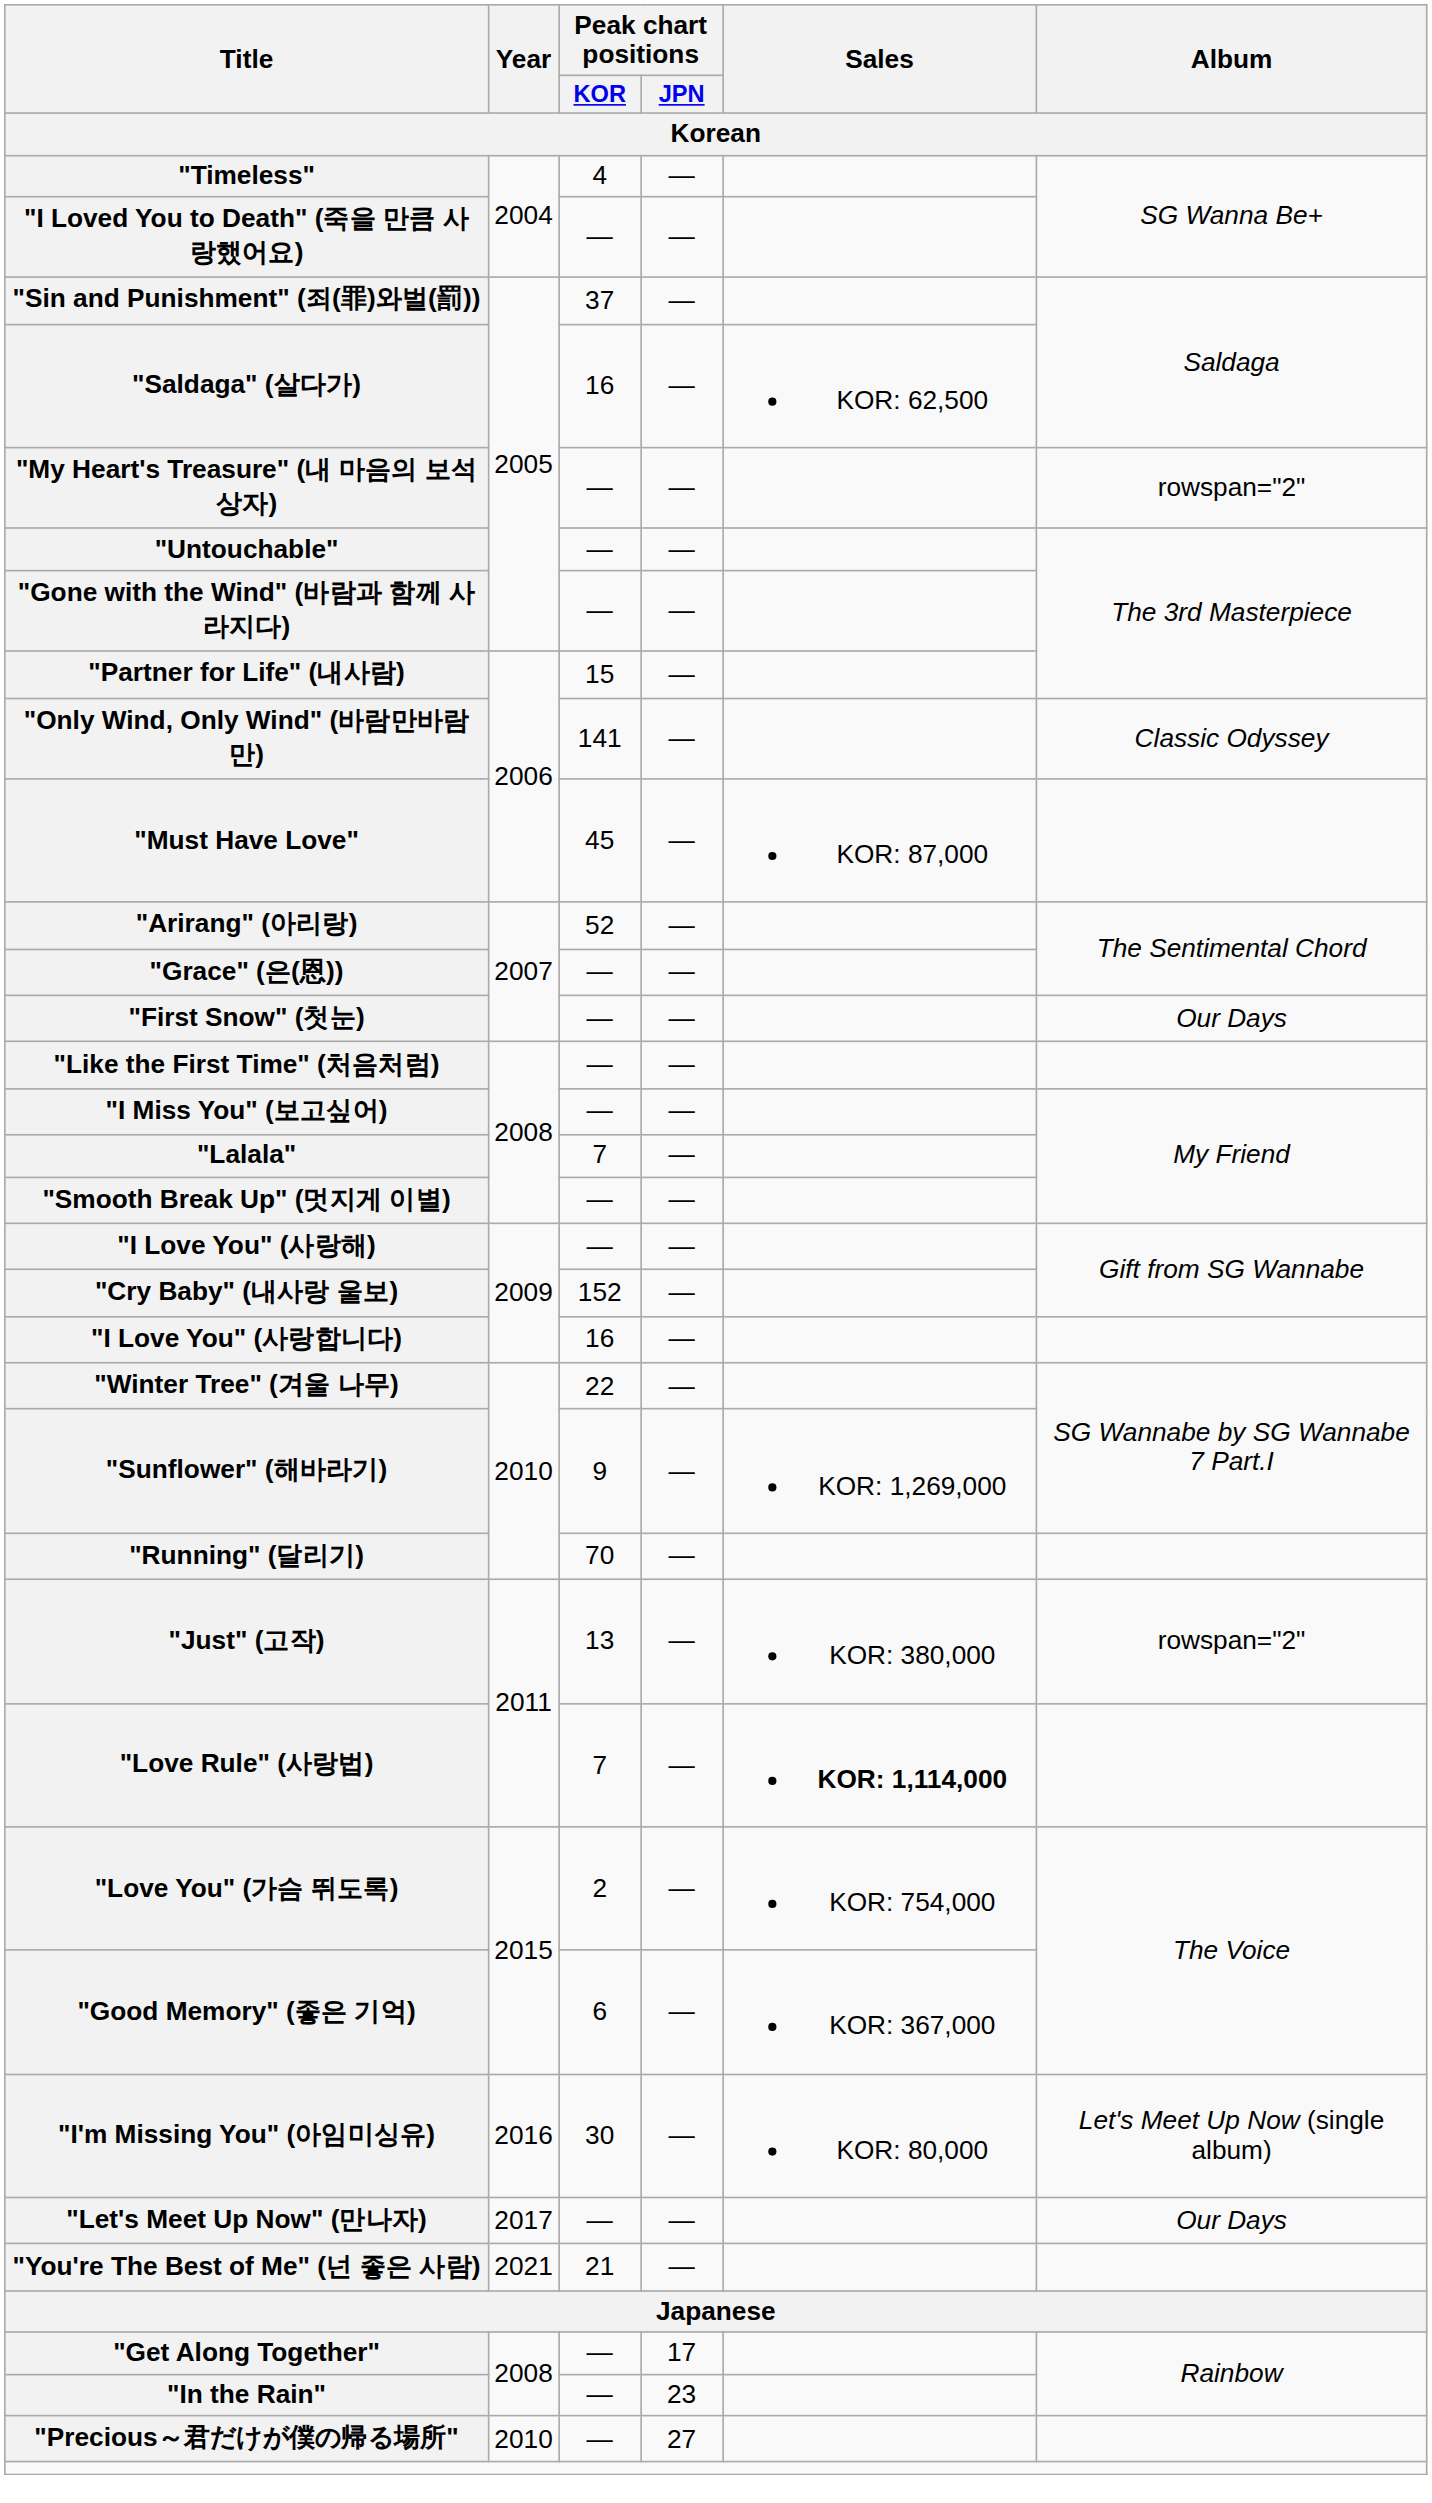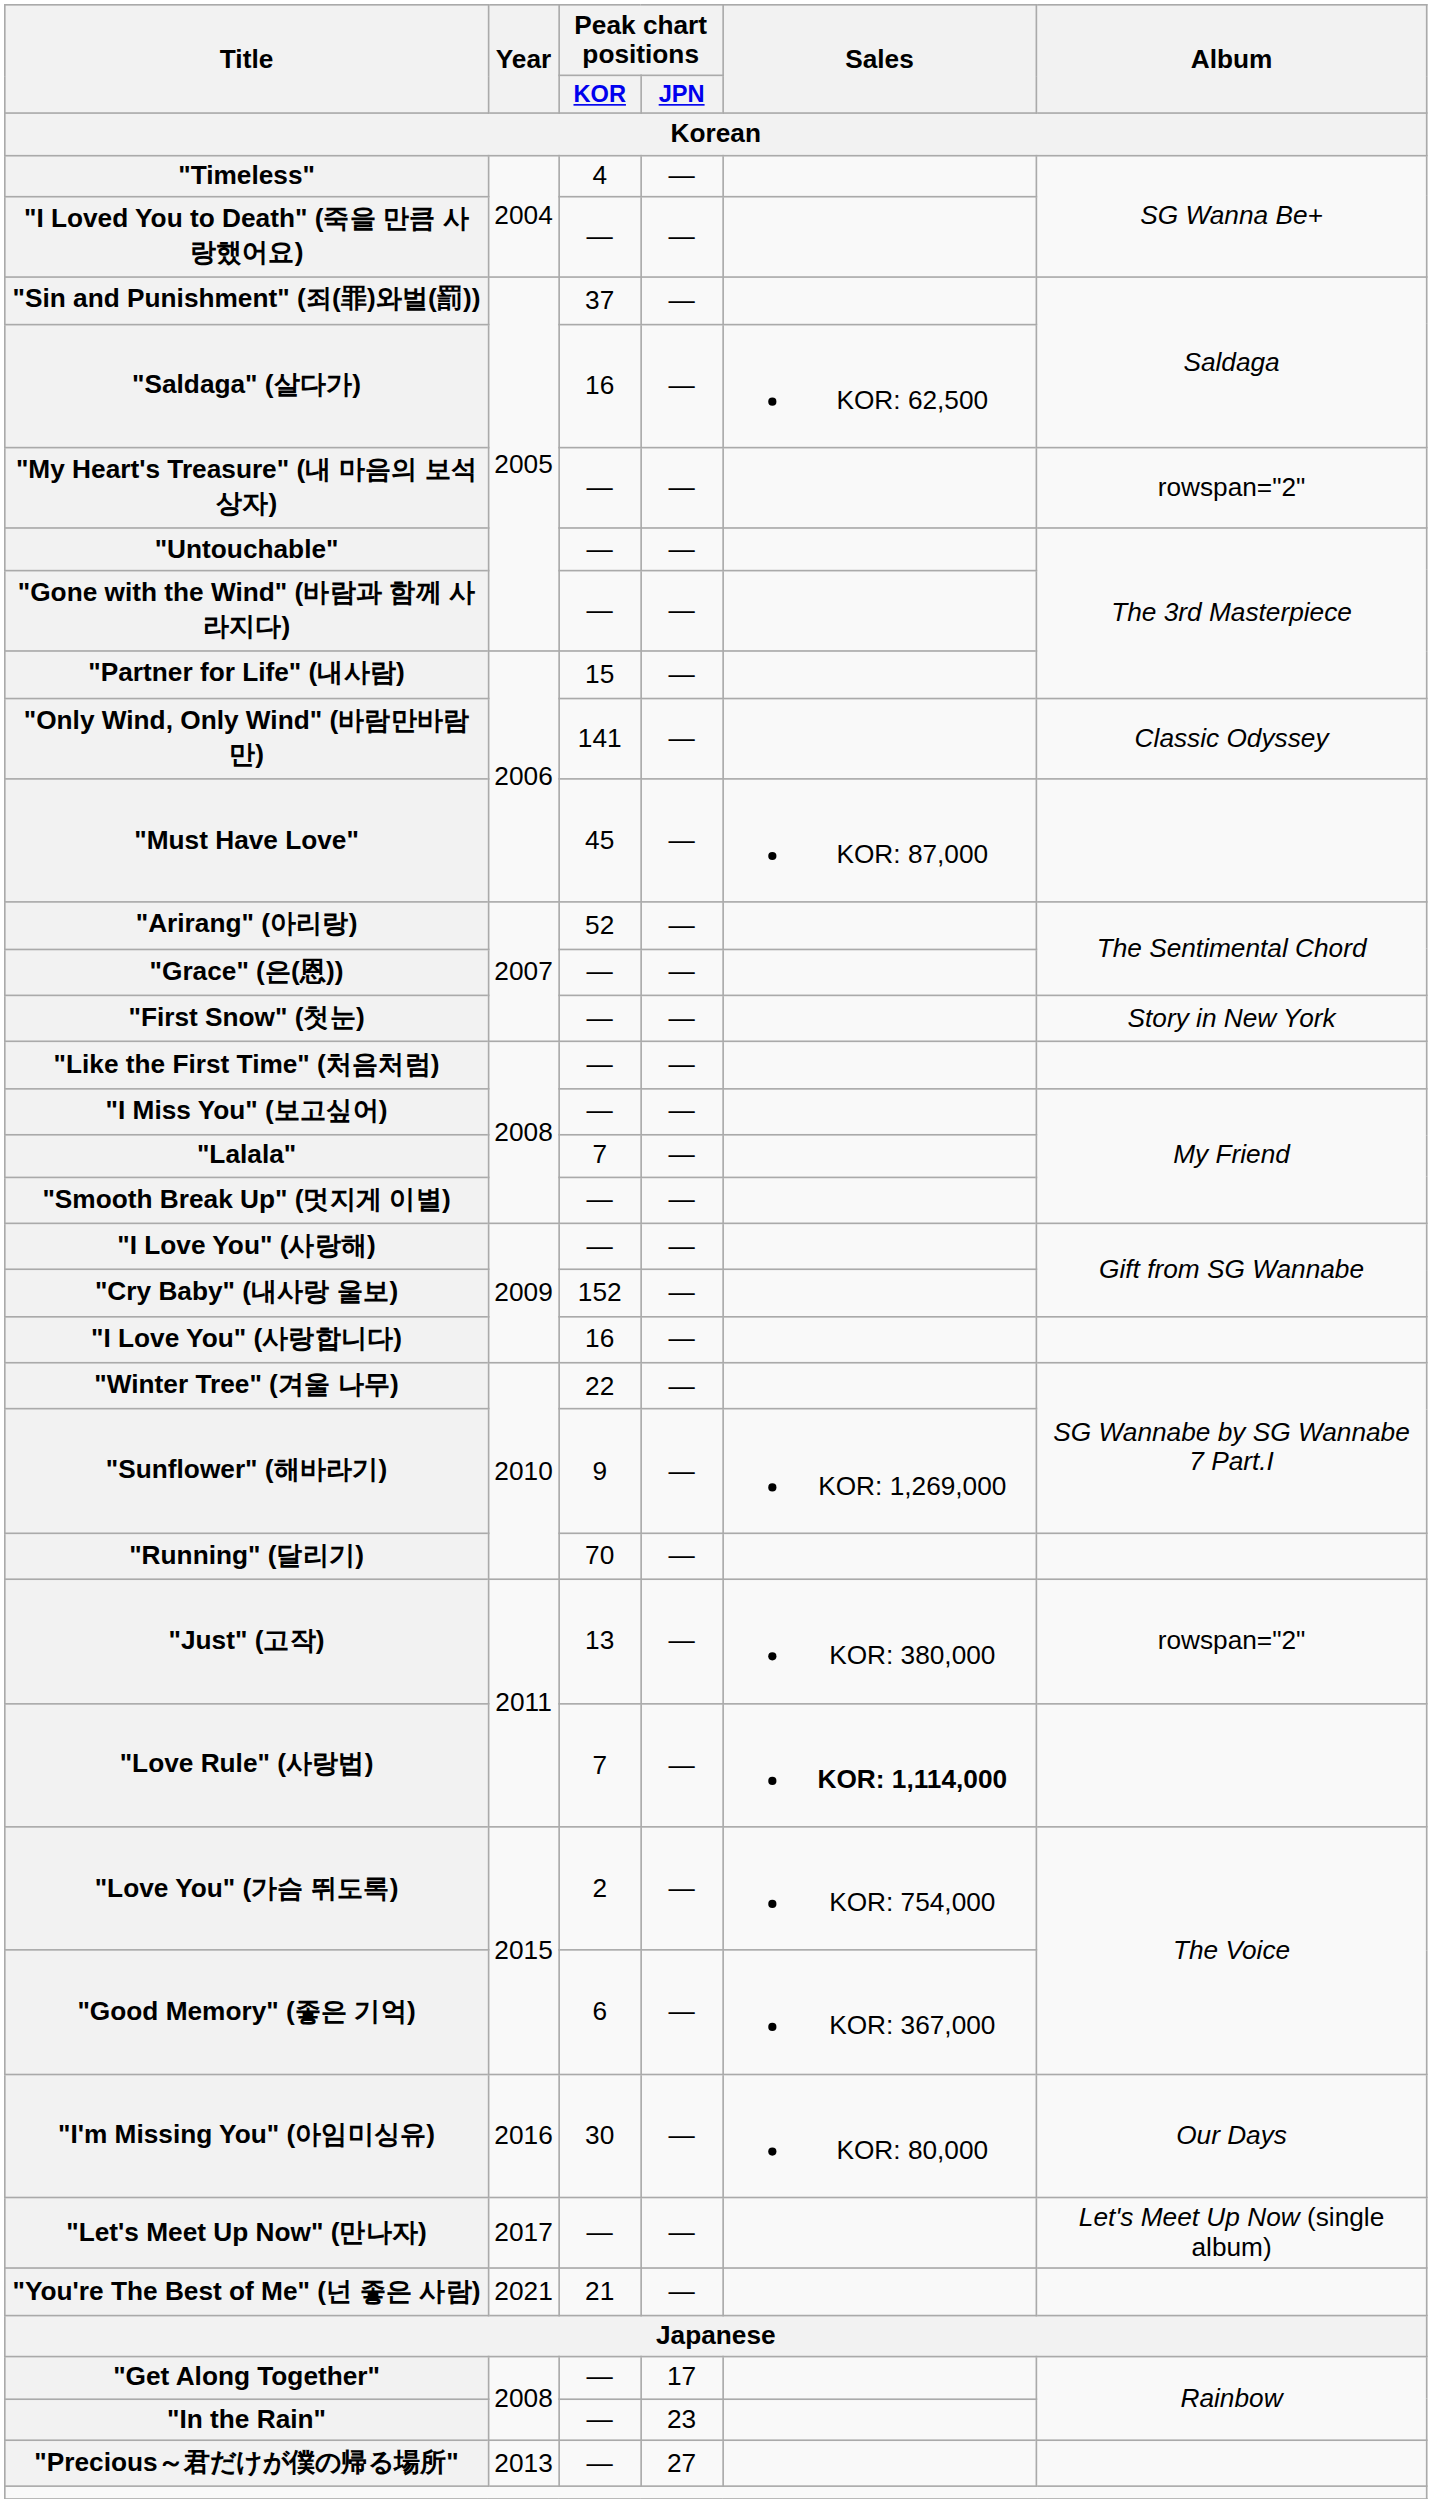 <table class="wikitable plainrowheaders" style="text-align:center;">
 <tr>
 <th scope="col" rowspan="2">Title</th>
 <th scope="col" rowspan="2">Year</th>
 <th colspan="2" scope="col">Peak chart positions</th>
 <th scope="col" rowspan="2" style="width:11.5em;">Sales</th>
 <th scope="col" rowspan="2">Album</th>
 </tr>
 <tr>
 <th scope="col" style="width:3em;font-size:90%;"><a href='#'>KOR</a><br></th>
 <th scope="col" style="width:3em;font-size:90%;"><a href='#'>JPN</a><br></th>
 </tr>
 <tr>
 <th colspan="6">Korean</th>
 </tr>
 <tr>
 <th scope="row">"Timeless"</th>
 <td rowspan="2">2004</td>
 <td>4</td>
 <td>—</td>
 <td></td>
 <td rowspan="2"><em>SG Wanna Be+</em></td>
 </tr>
 <tr>
 <th scope="row">"I Loved You to Death" (죽을 만큼 사랑했어요)</th>
 <td>—</td>
 <td>—</td>
 <td></td>
 </tr>
 <tr>
 <th scope="row">"Sin and Punishment" (죄(罪)와벌(罰))</th>
 <td rowspan="5">2005</td>
 <td>37</td>
 <td>—</td>
 <td></td>
 <td rowspan="2"><em>Saldaga</em></td>
 </tr>
 <tr>
 <th scope="row">"Saldaga" (살다가)</th>
 <td>16</td>
 <td>—</td>
 <td><br><ul><li>KOR: 62,500</li></ul></td>
 </tr>
 <tr>
 <th scope="row">"My Heart's Treasure" (내 마음의 보석상자)</th>
 <td>—</td>
 <td>—</td>
 <td></td>
 <td>rowspan="2" </td>
 </tr>
 <tr>
 <th scope="row">"Untouchable" <br> </th>
 <td>—</td>
 <td>—</td>
 <td></td>
 <td rowspan="3"><em>The 3rd Masterpiece</em></td>
 </tr>
 <tr>
 <th scope="row">"Gone with the Wind" (바람과 함께 사라지다) <br> </th>
 <td>—</td>
 <td>—</td>
 <td></td>
 </tr>
 <tr>
 <th scope="row">"Partner for Life" (내사람)</th>
 <td rowspan="3">2006</td>
 <td>15</td>
 <td>—</td>
 <td></td>
 </tr>
 <tr>
 <th scope="row">"Only Wind, Only Wind" (바람만바람만) <br> </th>
 <td>141</td>
 <td>—</td>
 <td></td>
 <td><em>Classic Odyssey</em></td>
 </tr>
 <tr>
 <th scope="row">"Must Have Love" </th>
 <td>45</td>
 <td>—</td>
 <td><br><ul><li>KOR: 87,000</li></ul></td>
 </tr>
 <tr>
 <th scope="row">"Arirang" (아리랑)</th>
 <td rowspan="3">2007</td>
 <td>52</td>
 <td>—</td>
 <td></td>
 <td rowspan="2"><em>The Sentimental Chord</em></td>
 </tr>
 <tr>
 <th scope="row">"Grace" (은(恩))</th>
 <td>—</td>
 <td>—</td>
 <td></td>
 </tr>
 <tr>
 <th scope="row">"First Snow" (첫눈)</th>
 <td>—</td>
 <td>—</td>
 <td></td>
-<td><em>Our Days</em></td>
+<td><em>Story in New York</em></td>
 </tr>
 <tr>
 <th scope="row">"Like the First Time" (처음처럼)</th>
 <td rowspan="4">2008</td>
 <td>—</td>
 <td>—</td>
 <td></td>
 <td></td>
 </tr>
 <tr>
 <th scope="row">"I Miss You" (보고싶어)</th>
 <td>—</td>
 <td>—</td>
 <td></td>
 <td rowspan="3"><em>My Friend</em></td>
 </tr>
 <tr>
 <th scope="row">"Lalala"</th>
 <td>7</td>
 <td>—</td>
 <td></td>
 </tr>
 <tr>
 <th scope="row">"Smooth Break Up" (멋지게 이별)</th>
 <td>—</td>
 <td>—</td>
 <td></td>
 </tr>
 <tr>
 <th scope="row">"I Love You" (사랑해) <br> </th>
 <td rowspan="3">2009</td>
 <td>—</td>
 <td>—</td>
 <td></td>
 <td rowspan="2"><em>Gift from SG Wannabe</em></td>
 </tr>
 <tr>
 <th scope="row">"Cry Baby" (내사랑 울보)</th>
 <td>152</td>
 <td>—</td>
 <td></td>
 </tr>
 <tr>
 <th scope="row">"I Love You" (사랑합니다) </th>
 <td>16</td>
 <td>—</td>
 <td></td>
 <td></td>
 </tr>
 <tr>
 <th scope="row">"Winter Tree" (겨울 나무)</th>
 <td rowspan="3">2010</td>
 <td>22</td>
 <td>—</td>
 <td></td>
 <td rowspan="2"><em>SG Wannabe by SG Wannabe 7 Part.I</em></td>
 </tr>
 <tr>
 <th scope="row">"Sunflower" (해바라기)</th>
 <td>9</td>
 <td>—</td>
 <td><br><ul><li>KOR: 1,269,000</li></ul></td>
 </tr>
 <tr>
 <th scope="row">"Running" (달리기) </th>
 <td>70</td>
 <td>—</td>
 <td></td>
 <td></td>
 </tr>
 <tr>
 <th scope="row">"Just" (고작)</th>
 <td rowspan="2">2011</td>
 <td>13</td>
 <td>—</td>
 <td><br><ul><li>KOR: 380,000</li></ul></td>
 <td>rowspan="2" </td>
 </tr>
 <tr>
 <th scope="row">"Love Rule" (사랑법)</th>
 <td>7</td>
 <td>—</td>
 <td><strong><br><ul><li>KOR: 1,114,000</li></ul></strong></td>
 <td></td>
 </tr>
 <tr>
 <th scope="row">"Love You" (가슴 뛰도록)</th>
 <td rowspan="2">2015</td>
 <td>2</td>
 <td>—</td>
 <td><br><ul><li>KOR: 754,000</li></ul></td>
 <td rowspan="2"><em>The Voice</em></td>
 </tr>
 <tr>
 <th scope="row">"Good Memory" (좋은 기억)</th>
 <td>6</td>
 <td>—</td>
 <td><br><ul><li>KOR: 367,000</li></ul></td>
 </tr>
 <tr>
 <th scope="row">"I'm Missing You" (아임미싱유)</th>
 <td>2016</td>
 <td>30</td>
 <td>—</td>
 <td><br><ul><li>KOR: 80,000</li></ul></td>
-<td><em>Let's Meet Up Now</em> (single album)</td>
+<td><em>Our Days</em></td>
 </tr>
 <tr>
 <th scope="row">"Let's Meet Up Now" (만나자)</th>
 <td>2017</td>
 <td>—</td>
 <td>—</td>
 <td></td>
-<td><em>Our Days</em></td>
+<td><em>Let's Meet Up Now</em> (single album)</td>
 </tr>
 <tr>
 <th scope="row">"You're The Best of Me" (넌 좋은 사람)</th>
 <td>2021</td>
 <td>21</td>
 <td>—</td>
 <td></td>
 <td></td>
 </tr>
 <tr>
 <th colspan="6">Japanese</th>
 </tr>
 <tr>
 <th scope="row">"Get Along Together"</th>
 <td rowspan="2">2008</td>
 <td>—</td>
 <td>17</td>
 <td></td>
 <td rowspan="2"><em>Rainbow</em></td>
 </tr>
 <tr>
 <th scope="row">"In the Rain"</th>
 <td>—</td>
 <td>23</td>
 <td></td>
 </tr>
 <tr>
 <th scope="row">"Precious～君だけが僕の帰る場所"</th>
-<td>2010</td>
+<td>2013</td>
 <td>—</td>
 <td>27</td>
 <td></td>
 <td></td>
 </tr>
 <tr>
 <td colspan="6"></td>
 </tr>
 <tr>
 </tr>
 </table>
